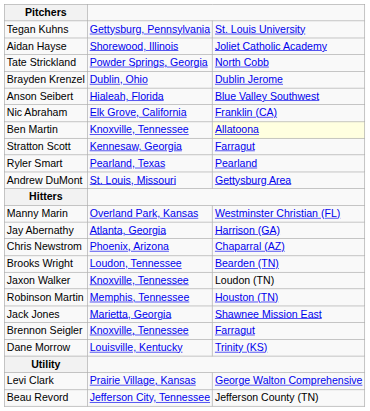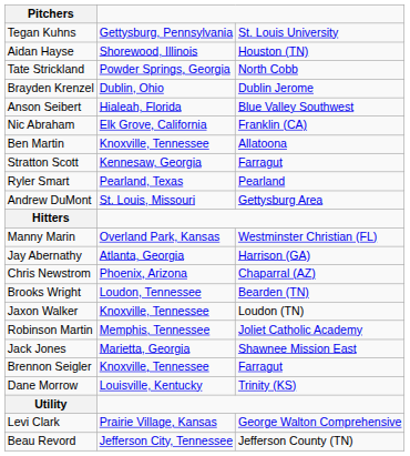 <table class="wikitable">
 <tr>
 <th>Pitchers</th>
 </tr>
 <tr>
 <td>Tegan Kuhns</td>
 <td><a href='#'>Gettysburg, Pennsylvania</a></td>
 <td><a href='#'>St. Louis University</a></td>
 </tr>
 <tr>
 <td>Aidan Hayse</td>
 <td><a href='#'>Shorewood, Illinois</a></td>
-<td><a href='#'>Joliet Catholic Academy</a></td>
+<td><a href='#'>Houston (TN)</a></td>
 </tr>
 <tr>
 <td>Tate Strickland</td>
 <td><a href='#'>Powder Springs, Georgia</a></td>
 <td><a href='#'>North Cobb</a></td>
 </tr>
 <tr>
 <td>Brayden Krenzel</td>
 <td><a href='#'>Dublin, Ohio</a></td>
 <td><a href='#'>Dublin Jerome</a></td>
 </tr>
 <tr>
 <td>Anson Seibert</td>
 <td><a href='#'>Hialeah, Florida</a></td>
 <td><a href='#'>Blue Valley Southwest</a></td>
 </tr>
 <tr>
 <td>Nic Abraham</td>
 <td><a href='#'>Elk Grove, California</a></td>
 <td><a href='#'>Franklin (CA)</a></td>
 </tr>
 <tr>
 <td>Ben Martin</td>
 <td><a href='#'>Knoxville, Tennessee</a></td>
-<td style="background: lightyellow;"><a href='#'>Allatoona</a></td>
+<td><a href='#'>Allatoona</a></td>
 </tr>
 <tr>
 <td>Stratton Scott</td>
 <td><a href='#'>Kennesaw, Georgia</a></td>
 <td><a href='#'>Farragut</a></td>
 </tr>
 <tr>
 <td>Ryler Smart</td>
 <td><a href='#'>Pearland, Texas</a></td>
 <td><a href='#'>Pearland</a></td>
 </tr>
 <tr>
 <td>Andrew DuMont</td>
 <td><a href='#'>St. Louis, Missouri</a></td>
 <td><a href='#'>Gettysburg Area</a></td>
 </tr>
 <tr>
 <th>Hitters</th>
 </tr>
 <tr>
 <td>Manny Marin</td>
 <td><a href='#'>Overland Park, Kansas</a></td>
 <td><a href='#'>Westminster Christian (FL)</a></td>
 </tr>
 <tr>
 <td>Jay Abernathy</td>
 <td><a href='#'>Atlanta, Georgia</a></td>
 <td><a href='#'>Harrison (GA)</a></td>
 </tr>
 <tr>
 <td>Chris Newstrom</td>
 <td><a href='#'>Phoenix, Arizona</a></td>
 <td><a href='#'>Chaparral (AZ)</a></td>
 </tr>
 <tr>
 <td>Brooks Wright</td>
 <td><a href='#'>Loudon, Tennessee</a></td>
 <td><a href='#'>Bearden (TN)</a></td>
 </tr>
 <tr>
 <td>Jaxon Walker</td>
 <td><a href='#'>Knoxville, Tennessee</a></td>
 <td>Loudon (TN)</td>
 </tr>
 <tr>
 <td>Robinson Martin</td>
 <td><a href='#'>Memphis, Tennessee</a></td>
-<td><a href='#'>Houston (TN)</a></td>
+<td><a href='#'>Joliet Catholic Academy</a></td>
 </tr>
 <tr>
 <td>Jack Jones</td>
 <td><a href='#'>Marietta, Georgia</a></td>
 <td><a href='#'>Shawnee Mission East</a></td>
 </tr>
 <tr>
 <td>Brennon Seigler</td>
 <td><a href='#'>Knoxville, Tennessee</a></td>
 <td><a href='#'>Farragut</a></td>
 </tr>
 <tr>
 <td>Dane Morrow</td>
 <td><a href='#'>Louisville, Kentucky</a></td>
 <td><a href='#'>Trinity (KS)</a></td>
 </tr>
 <tr>
 <th>Utility</th>
 </tr>
 <tr>
 <td>Levi Clark</td>
 <td><a href='#'>Prairie Village, Kansas</a></td>
 <td><a href='#'>George Walton Comprehensive</a></td>
 </tr>
 <tr>
 <td>Beau Revord</td>
 <td><a href='#'>Jefferson City, Tennessee</a></td>
 <td>Jefferson County (TN)</td>
 </tr>
 </table>
